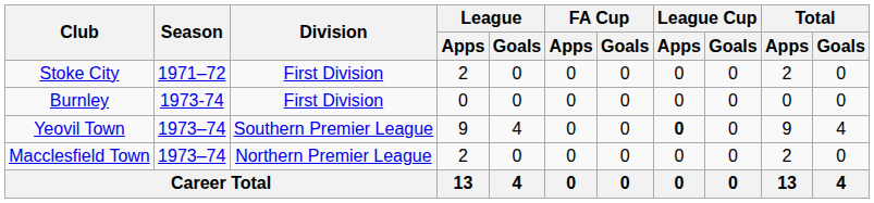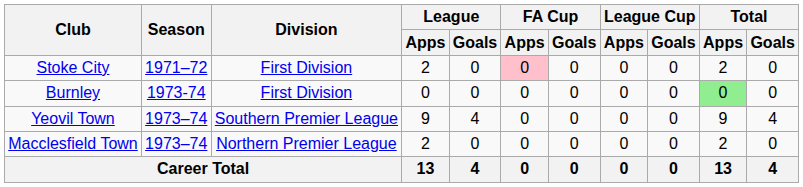 <table class="wikitable" style="text-align: center;">
 <tr>
 <th rowspan="2">Club</th>
 <th rowspan="2">Season</th>
 <th rowspan="2">Division</th>
 <th colspan="2">League</th>
 <th colspan="2">FA Cup</th>
 <th colspan="2">League Cup</th>
 <th colspan="2">Total</th>
 </tr>
 <tr>
 <th>Apps</th>
 <th>Goals</th>
 <th>Apps</th>
 <th>Goals</th>
 <th>Apps</th>
 <th>Goals</th>
 <th>Apps</th>
 <th>Goals</th>
 </tr>
 <tr>
 <td><a href='#'>Stoke City</a></td>
 <td><a href='#'>1971–72</a></td>
 <td><a href='#'>First Division</a></td>
 <td>2</td>
 <td>0</td>
-<td>0</td>
+<td style="background: pink;">0</td>
 <td>0</td>
 <td>0</td>
 <td>0</td>
 <td>2</td>
 <td>0</td>
 </tr>
 <tr>
 <td><a href='#'>Burnley</a></td>
 <td><a href='#'>1973-74</a></td>
 <td><a href='#'>First Division</a></td>
 <td>0</td>
 <td>0</td>
 <td>0</td>
 <td>0</td>
 <td>0</td>
 <td>0</td>
-<td>0</td>
+<td style="background: lightgreen;">0</td>
 <td>0</td>
 </tr>
 <tr>
 <td><a href='#'>Yeovil Town</a></td>
 <td><a href='#'>1973–74</a></td>
 <td><a href='#'>Southern Premier League</a></td>
 <td>9</td>
 <td>4</td>
 <td>0</td>
 <td>0</td>
-<td><strong>0</strong></td>
+<td>0</td>
 <td>0</td>
 <td>9</td>
 <td>4</td>
 </tr>
 <tr>
 <td><a href='#'>Macclesfield Town</a></td>
 <td><a href='#'>1973–74</a></td>
 <td><a href='#'>Northern Premier League</a></td>
 <td>2</td>
 <td>0</td>
 <td>0</td>
 <td>0</td>
 <td>0</td>
 <td>0</td>
 <td>2</td>
 <td>0</td>
 </tr>
 <tr>
 <th colspan="3">Career Total</th>
 <th>13</th>
 <th>4</th>
 <th>0</th>
 <th>0</th>
 <th>0</th>
 <th>0</th>
 <th>13</th>
 <th>4</th>
 </tr>
 </table>
